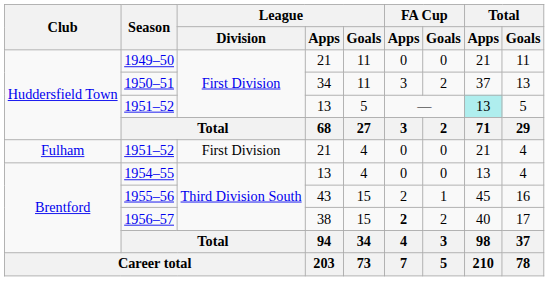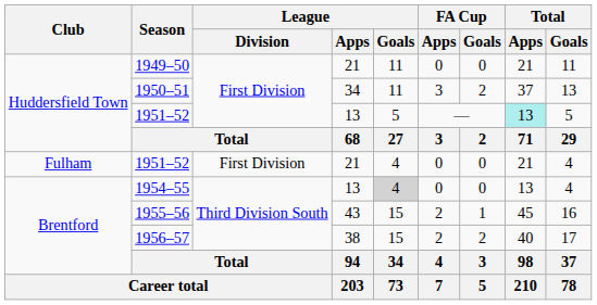 <table class="wikitable" style="text-align: center;">
 <tr>
 <th rowspan="2">Club</th>
 <th rowspan="2">Season</th>
 <th colspan="3">League</th>
 <th colspan="2">FA Cup</th>
 <th colspan="2">Total</th>
 </tr>
 <tr>
 <th>Division</th>
 <th>Apps</th>
 <th>Goals</th>
 <th>Apps</th>
 <th>Goals</th>
 <th>Apps</th>
 <th>Goals</th>
 </tr>
 <tr>
 <td rowspan="4"><a href='#'>Huddersfield Town</a></td>
 <td><a href='#'>1949–50</a></td>
 <td rowspan="3"><a href='#'>First Division</a></td>
 <td>21</td>
 <td>11</td>
 <td>0</td>
 <td>0</td>
 <td>21</td>
 <td>11</td>
 </tr>
 <tr>
 <td><a href='#'>1950–51</a></td>
 <td>34</td>
 <td>11</td>
 <td>3</td>
 <td>2</td>
 <td>37</td>
 <td>13</td>
 </tr>
 <tr>
 <td><a href='#'>1951–52</a></td>
 <td>13</td>
 <td>5</td>
 <td colspan="2">―</td>
 <td style="background: paleturquoise;">13</td>
 <td>5</td>
 </tr>
 <tr>
 <th colspan="2">Total</th>
 <th>68</th>
 <th>27</th>
 <th>3</th>
 <th>2</th>
 <th>71</th>
 <th>29</th>
 </tr>
 <tr>
 <td><a href='#'>Fulham</a></td>
 <td><a href='#'>1951–52</a></td>
 <td>First Division</td>
 <td>21</td>
 <td>4</td>
 <td>0</td>
 <td>0</td>
 <td>21</td>
 <td>4</td>
 </tr>
 <tr>
 <td rowspan="4"><a href='#'>Brentford</a></td>
 <td><a href='#'>1954–55</a></td>
 <td rowspan="3"><a href='#'>Third Division South</a></td>
 <td>13</td>
-<td>4</td>
+<td style="background: lightgrey;">4</td>
 <td>0</td>
 <td>0</td>
 <td>13</td>
 <td>4</td>
 </tr>
 <tr>
 <td><a href='#'>1955–56</a></td>
 <td>43</td>
 <td>15</td>
 <td>2</td>
 <td>1</td>
 <td>45</td>
 <td>16</td>
 </tr>
 <tr>
 <td><a href='#'>1956–57</a></td>
 <td>38</td>
 <td>15</td>
-<td><strong>2</strong></td>
+<td>2</td>
 <td>2</td>
 <td>40</td>
 <td>17</td>
 </tr>
 <tr>
 <th colspan="2">Total</th>
 <th>94</th>
 <th>34</th>
 <th>4</th>
 <th>3</th>
 <th>98</th>
 <th>37</th>
 </tr>
 <tr>
 <th colspan="3">Career total</th>
 <th>203</th>
 <th>73</th>
 <th>7</th>
 <th>5</th>
 <th>210</th>
 <th>78</th>
 </tr>
 </table>
